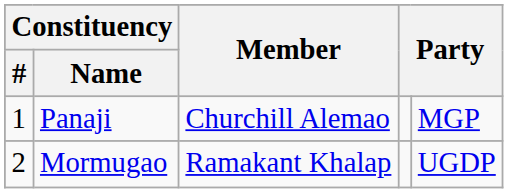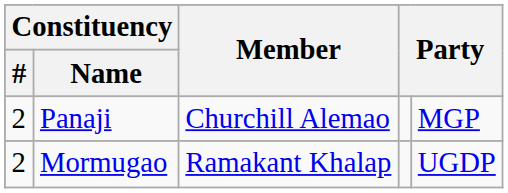 <table class="wikitable sortable">
 <tr>
 <th colspan="2">Constituency</th>
 <th rowspan="2">Member</th>
 <th colspan="2" rowspan="2">Party</th>
 </tr>
 <tr>
 <th>#</th>
 <th>Name</th>
 </tr>
 <tr>
-<td>1</td>
+<td>2</td>
 <td><a href='#'>Panaji</a></td>
 <td><a href='#'>Churchill Alemao</a></td>
 <td style="background-color: "></td>
 <td><a href='#'>MGP</a></td>
 </tr>
 <tr>
 <td>2</td>
 <td><a href='#'>Mormugao</a></td>
 <td><a href='#'>Ramakant Khalap</a></td>
 <td style="background-color: "></td>
 <td><a href='#'>UGDP</a></td>
 </tr>
 </table>
